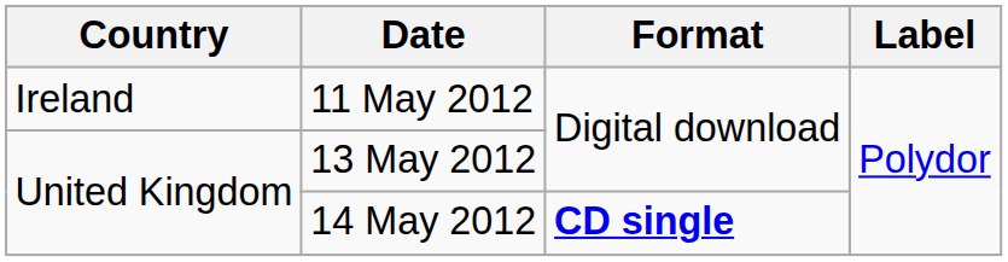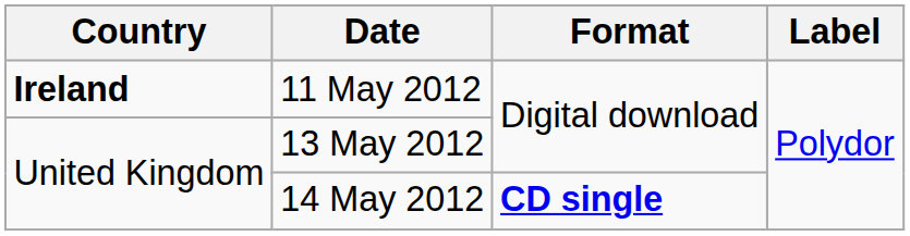 <table class="wikitable plainrowheaders">
 <tr>
 <th scope="col">Country</th>
 <th scope="col">Date</th>
 <th scope="col">Format</th>
 <th scope="col">Label</th>
 </tr>
 <tr>
-<td>Ireland</td>
+<td><strong>Ireland</strong></td>
 <td>11 May 2012</td>
 <td rowspan="2">Digital download</td>
 <td rowspan="3"><a href='#'>Polydor</a></td>
 </tr>
 <tr>
 <td rowspan="2">United Kingdom</td>
 <td>13 May 2012</td>
 </tr>
 <tr>
 <td>14 May 2012</td>
 <td><strong><a href='#'>CD single</a></strong></td>
 </tr>
 </table>
